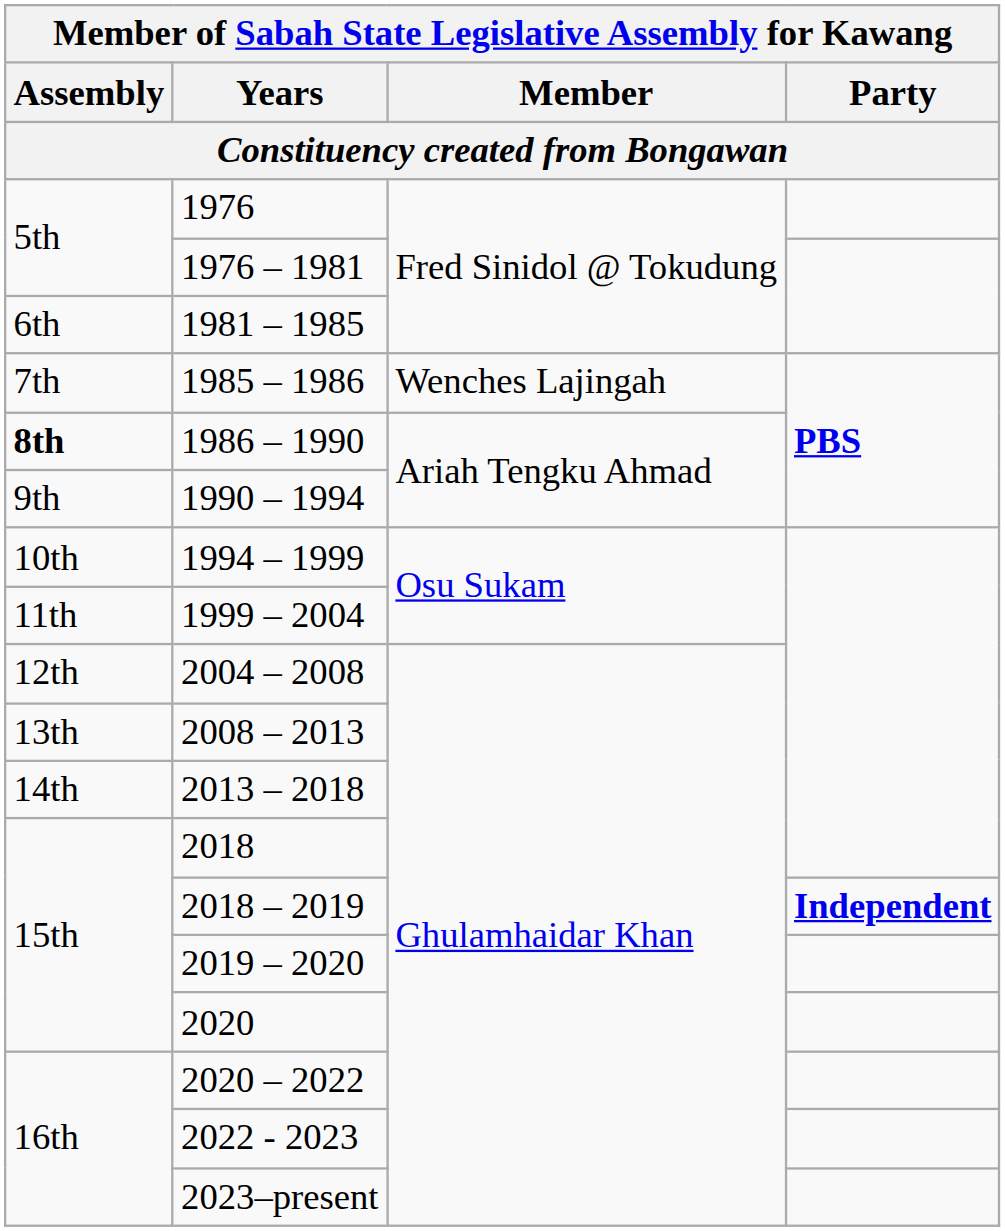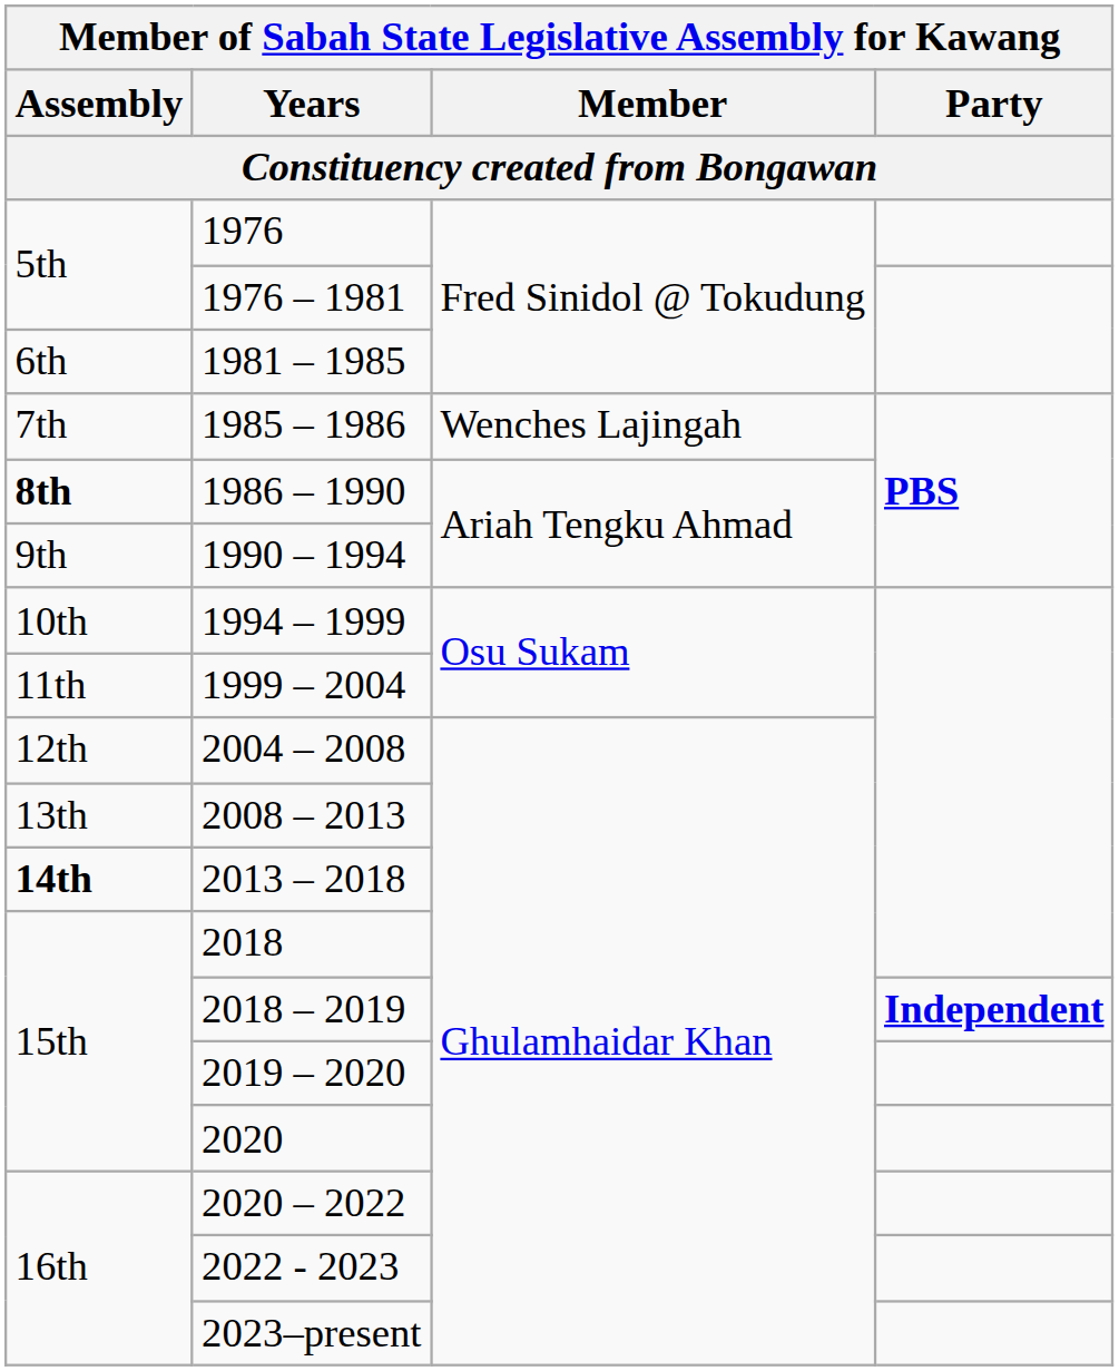 <table class="wikitable">
 <tr>
 <th colspan="4">Member of <a href='#'>Sabah State Legislative Assembly</a> for Kawang</th>
 </tr>
 <tr>
 <th>Assembly</th>
 <th>Years</th>
 <th>Member</th>
 <th>Party</th>
 </tr>
 <tr>
 <th colspan="4" align="center"><em>Constituency created from Bongawan</em></th>
 </tr>
 <tr>
 <td rowspan="2">5th</td>
 <td>1976</td>
 <td rowspan="3">Fred Sinidol @ Tokudung</td>
 <td></td>
 </tr>
 <tr>
 <td>1976 – 1981</td>
 <td rowspan="2"></td>
 </tr>
 <tr>
 <td>6th</td>
 <td>1981 – 1985</td>
 </tr>
 <tr>
 <td>7th</td>
 <td>1985 – 1986</td>
 <td>Wenches Lajingah</td>
 <td rowspan="3"><strong><a href='#'>PBS</a></strong></td>
 </tr>
 <tr>
 <td><strong>8th</strong></td>
 <td>1986 – 1990</td>
 <td rowspan="2">Ariah Tengku Ahmad</td>
 </tr>
 <tr>
 <td>9th</td>
 <td>1990 – 1994</td>
 </tr>
 <tr>
 <td>10th</td>
 <td>1994 – 1999</td>
 <td rowspan="2"><a href='#'>Osu Sukam</a></td>
 <td rowspan="6"></td>
 </tr>
 <tr>
 <td>11th</td>
 <td>1999 – 2004</td>
 </tr>
 <tr>
 <td>12th</td>
 <td>2004 – 2008</td>
 <td rowspan="10"><a href='#'>Ghulamhaidar Khan</a></td>
 </tr>
 <tr>
 <td>13th</td>
 <td>2008 – 2013</td>
 </tr>
 <tr>
-<td>14th</td>
+<td><strong>14th</strong></td>
 <td>2013 – 2018</td>
 </tr>
 <tr>
 <td rowspan="4">15th</td>
 <td>2018</td>
 </tr>
 <tr>
 <td>2018 – 2019</td>
 <td><strong><a href='#'>Independent</a></strong></td>
 </tr>
 <tr>
 <td>2019 – 2020</td>
 <td></td>
 </tr>
 <tr>
 <td>2020</td>
 <td></td>
 </tr>
 <tr>
 <td rowspan="3">16th</td>
 <td>2020 – 2022</td>
 <td></td>
 </tr>
 <tr>
 <td>2022 - 2023</td>
 <td></td>
 </tr>
 <tr>
 <td>2023–present</td>
 <td></td>
 </tr>
 </table>
